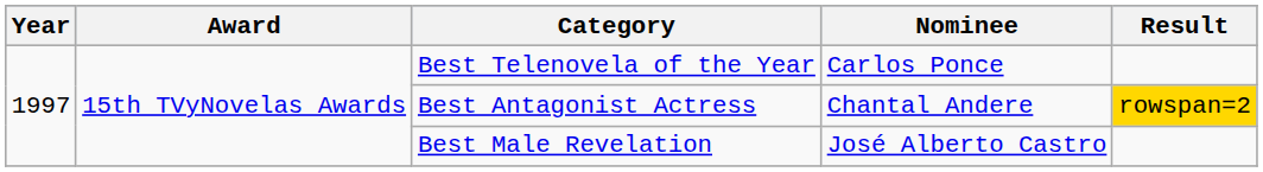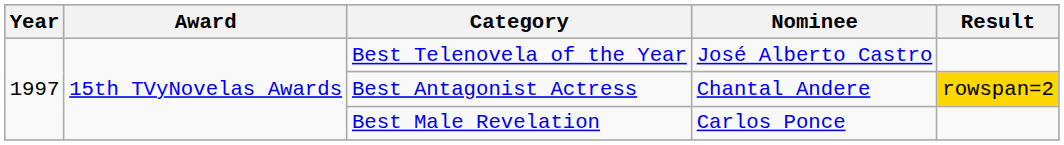 <table class="wikitable">
 <tr style="background:#b0c4de;">
 <th>Year</th>
 <th>Award</th>
 <th>Category</th>
 <th>Nominee</th>
 <th>Result</th>
 </tr>
 <tr>
 <td rowspan=3>1997</td>
 <td rowspan=3><a href='#'>15th TVyNovelas Awards</a></td>
 <td><a href='#'>Best Telenovela of the Year</a></td>
-<td><a href='#'>Carlos Ponce</a></td>
+<td><a href='#'>José Alberto Castro</a></td>
 <td></td>
 </tr>
 <tr>
 <td><a href='#'>Best Antagonist Actress</a></td>
 <td><a href='#'>Chantal Andere</a></td>
 <td style="background: gold;">rowspan=2 </td>
 </tr>
 <tr>
 <td><a href='#'>Best Male Revelation</a></td>
-<td><a href='#'>José Alberto Castro</a></td>
+<td><a href='#'>Carlos Ponce</a></td>
 </tr>
 </table>
